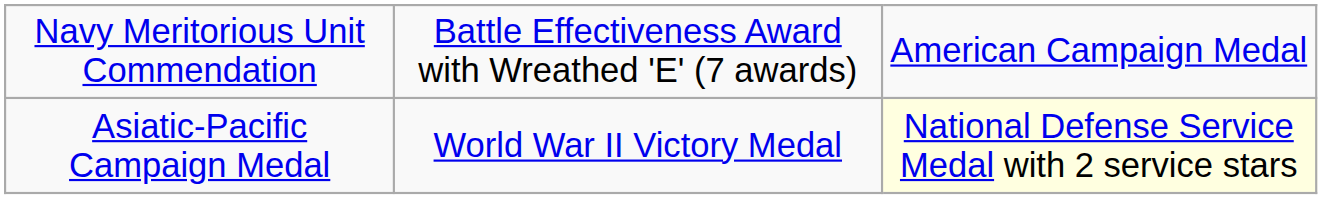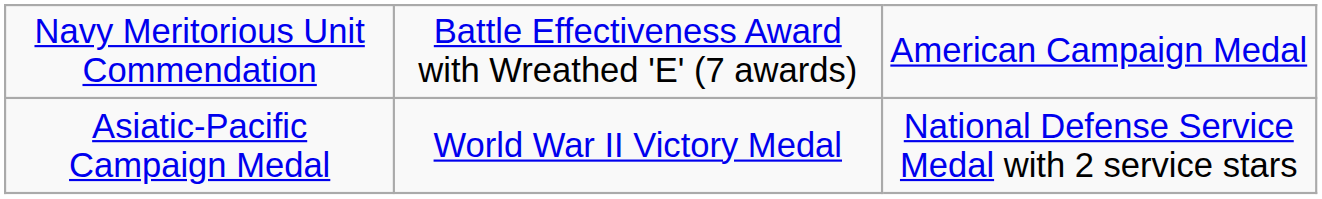 <table class="wikitable">
 <tr align=center>
 <td><a href='#'>Navy Meritorious Unit Commendation</a></td>
 <td><a href='#'>Battle Effectiveness Award</a> with Wreathed 'E' (7 awards)</td>
 <td><a href='#'>American Campaign Medal</a></td>
 </tr>
 <tr align=center>
 <td><a href='#'>Asiatic-Pacific Campaign Medal</a></td>
 <td><a href='#'>World War II Victory Medal</a></td>
-<td style="background: lightyellow;"><a href='#'>National Defense Service Medal</a> with 2 service stars</td>
+<td><a href='#'>National Defense Service Medal</a> with 2 service stars</td>
 </tr>
 </table>
